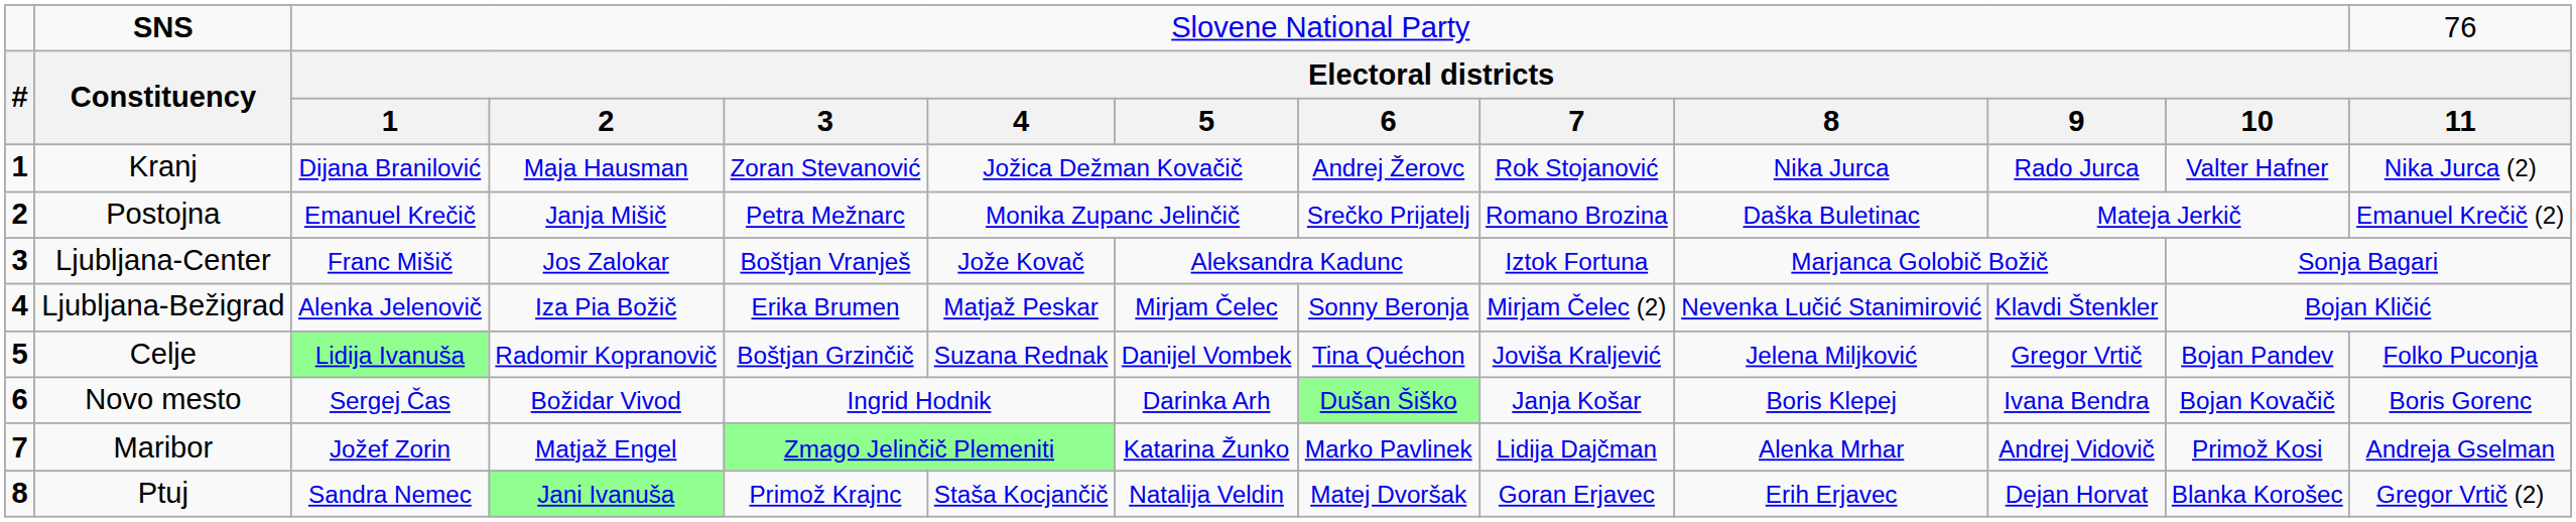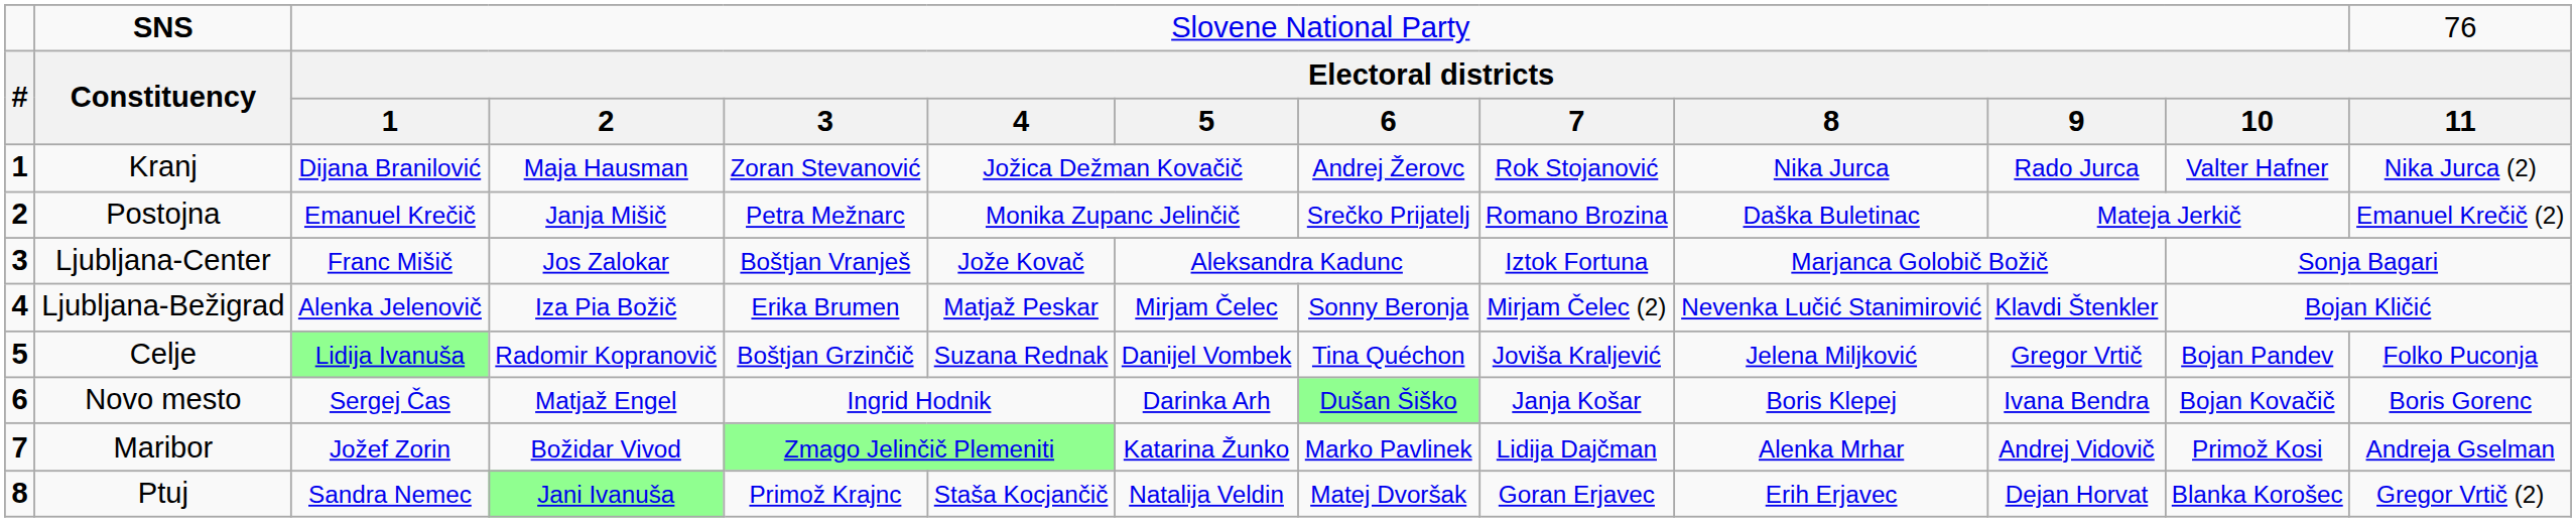 <table class="wikitable" style="text-align: center;">
 <tr>
 <td style="background:"></td>
 <td><strong>SNS</strong></td>
 <td colspan="10"><a href='#'>Slovene National Party</a><br></td>
 <td>76<br></td>
 </tr>
 <tr>
 <th rowspan="2">#</th>
 <th rowspan="2">Constituency</th>
 <th colspan="11">Electoral districts</th>
 </tr>
 <tr>
 <th>1</th>
 <th>2</th>
 <th>3</th>
 <th>4</th>
 <th>5</th>
 <th>6</th>
 <th>7</th>
 <th>8</th>
 <th>9</th>
 <th>10</th>
 <th>11</th>
 </tr>
 <tr>
 <td style="text-align:center;"><strong>1</strong></td>
 <td>Kranj</td>
 <td><a href='#'><small>Dijana Branilović</small></a></td>
 <td><a href='#'><small>Maja Hausman</small></a></td>
 <td><a href='#'><small>Zoran Stevanović</small></a></td>
 <td colspan="2"><a href='#'><small>Jožica Dežman Kovačič</small></a></td>
 <td><a href='#'><small>Andrej Žerovc</small></a></td>
 <td><a href='#'><small>Rok Stojanović</small></a></td>
 <td><a href='#'><small>Nika Jurca</small></a></td>
 <td><a href='#'><small>Rado Jurca</small></a></td>
 <td><a href='#'><small>Valter Hafner</small></a></td>
 <td><small><a href='#'>Nika Jurca</a> (2)</small></td>
 </tr>
 <tr>
 <td style="text-align:center;"><strong>2</strong></td>
 <td>Postojna</td>
 <td><a href='#'><small>Emanuel Krečič</small></a></td>
 <td><a href='#'><small>Janja Mišič</small></a></td>
 <td><a href='#'><small>Petra Mežnarc</small></a></td>
 <td colspan="2"><a href='#'><small>Monika Zupanc Jelinčič</small></a></td>
 <td><a href='#'><small>Srečko Prijatelj</small></a></td>
 <td><a href='#'><small>Romano Brozina</small></a></td>
 <td><a href='#'><small>Daška Buletinac</small></a></td>
 <td colspan="2"><a href='#'><small>Mateja Jerkič</small></a></td>
 <td><small><a href='#'>Emanuel Krečič</a> (2)</small></td>
 </tr>
 <tr>
 <td style="text-align:center;"><strong>3</strong></td>
 <td>Ljubljana-Center</td>
 <td><a href='#'><small>Franc Mišič</small></a></td>
 <td><a href='#'><small>Jos Zalokar</small></a></td>
 <td><a href='#'><small>Boštjan Vranješ</small></a></td>
 <td><a href='#'><small>Jože Kovač</small></a></td>
 <td colspan="2"><a href='#'><small>Aleksandra Kadunc</small></a></td>
 <td><a href='#'><small>Iztok Fortuna</small></a></td>
 <td colspan="2"><a href='#'><small>Marjanca Golobič Božič</small></a></td>
 <td colspan="2"><a href='#'><small>Sonja Bagari</small></a></td>
 </tr>
 <tr>
 <td style="text-align:center;"><strong>4</strong></td>
 <td>Ljubljana-Bežigrad</td>
 <td><a href='#'><small>Alenka Jelenovič</small></a></td>
 <td><a href='#'><small>Iza Pia Božič</small></a></td>
 <td><a href='#'><small>Erika Brumen</small></a></td>
 <td><a href='#'><small>Matjaž Peskar</small></a></td>
 <td><a href='#'><small>Mirjam Čelec</small></a></td>
 <td><a href='#'><small>Sonny Beronja</small></a></td>
 <td><small><a href='#'>Mirjam Čelec</a> (2)</small></td>
 <td><a href='#'><small>Nevenka Lučić Stanimirović</small></a></td>
 <td><a href='#'><small>Klavdi Štenkler</small></a></td>
 <td colspan="2"><a href='#'><small>Bojan Kličić</small></a></td>
 </tr>
 <tr>
 <td style="text-align:center;"><strong>5</strong></td>
 <td>Celje</td>
 <td style="background:#90FF90;"><a href='#'><small>Lidija Ivanuša</small></a></td>
 <td><a href='#'><small>Radomir Kopranovič</small></a></td>
 <td><a href='#'><small>Boštjan Grzinčič</small></a></td>
 <td><a href='#'><small>Suzana Rednak</small></a></td>
 <td><a href='#'><small>Danijel Vombek</small></a></td>
 <td><a href='#'><small>Tina Quéchon</small></a></td>
 <td><a href='#'><small>Joviša Kraljević</small></a></td>
 <td><a href='#'><small>Jelena Miljković</small></a></td>
 <td><a href='#'><small>Gregor Vrtič</small></a></td>
 <td><a href='#'><small>Bojan Pandev</small></a></td>
 <td><a href='#'><small>Folko Puconja</small></a></td>
 </tr>
 <tr>
 <td style="text-align:center;"><strong>6</strong></td>
 <td>Novo mesto</td>
 <td><a href='#'><small>Sergej Čas</small></a></td>
-<td><a href='#'><small>Božidar Vivod</small></a></td>
+<td><a href='#'><small>Matjaž Engel</small></a></td>
 <td colspan="2"><a href='#'><small>Ingrid Hodnik</small></a></td>
 <td><a href='#'><small>Darinka Arh</small></a></td>
 <td style="background:#90FF90;"><a href='#'><small>Dušan Šiško</small></a></td>
 <td><a href='#'><small>Janja Košar</small></a></td>
 <td><a href='#'><small>Boris Klepej</small></a></td>
 <td><a href='#'><small>Ivana Bendra</small></a></td>
 <td><a href='#'><small>Bojan Kovačič</small></a></td>
 <td><a href='#'><small>Boris Gorenc</small></a></td>
 </tr>
 <tr>
 <td style="text-align:center;"><strong>7</strong></td>
 <td>Maribor</td>
 <td><a href='#'><small>Jožef Zorin</small></a></td>
-<td><a href='#'><small>Matjaž Engel</small></a></td>
+<td><a href='#'><small>Božidar Vivod</small></a></td>
 <td colspan="2"  style="background:#90FF90;"><a href='#'><small>Zmago Jelinčič Plemeniti</small></a></td>
 <td><a href='#'><small>Katarina Žunko</small></a></td>
 <td><a href='#'><small>Marko Pavlinek</small></a></td>
 <td><a href='#'><small>Lidija Dajčman</small></a></td>
 <td><a href='#'><small>Alenka Mrhar</small></a></td>
 <td><a href='#'><small>Andrej Vidovič</small></a></td>
 <td><a href='#'><small>Primož Kosi</small></a></td>
 <td><a href='#'><small>Andreja Gselman</small></a></td>
 </tr>
 <tr>
 <td style="text-align:center;"><strong>8</strong></td>
 <td>Ptuj</td>
 <td><a href='#'><small>Sandra Nemec</small></a></td>
 <td style="background:#90FF90;"><a href='#'><small>Jani Ivanuša</small></a></td>
 <td><a href='#'><small>Primož Krajnc</small></a></td>
 <td><a href='#'><small>Staša Kocjančič</small></a></td>
 <td><a href='#'><small>Natalija Veldin</small></a></td>
 <td><a href='#'><small>Matej Dvoršak</small></a></td>
 <td><a href='#'><small>Goran Erjavec</small></a></td>
 <td><a href='#'><small>Erih Erjavec</small></a></td>
 <td><a href='#'><small>Dejan Horvat</small></a></td>
 <td><a href='#'><small>Blanka Korošec</small></a></td>
 <td><small><a href='#'>Gregor Vrtič</a> (2)</small></td>
 </tr>
 </table>
